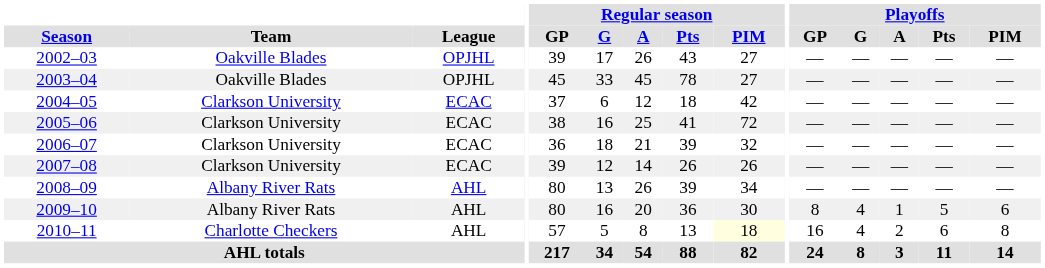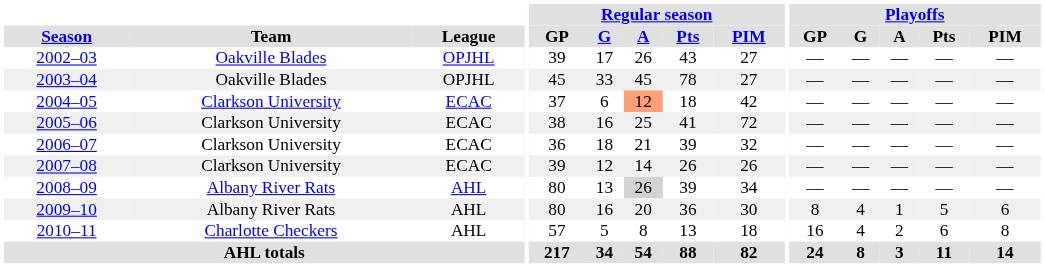 <table border="0" cellpadding="1" cellspacing="0" style="text-align:center; width:60em">
 <tr bgcolor="#e0e0e0">
 <th colspan="3"  bgcolor="#ffffff"></th>
 <th rowspan="99" bgcolor="#ffffff"></th>
 <th colspan="5"><a href='#'>Regular season</a></th>
 <th rowspan="99" bgcolor="#ffffff"></th>
 <th colspan="5"><a href='#'>Playoffs</a></th>
 </tr>
 <tr bgcolor="#e0e0e0">
 <th><a href='#'>Season</a></th>
 <th>Team</th>
 <th>League</th>
 <th>GP</th>
 <th><a href='#'>G</a></th>
 <th><a href='#'>A</a></th>
 <th><a href='#'>Pts</a></th>
 <th><a href='#'>PIM</a></th>
 <th>GP</th>
 <th>G</th>
 <th>A</th>
 <th>Pts</th>
 <th>PIM</th>
 </tr>
 <tr>
 <td><a href='#'>2002–03</a></td>
 <td><a href='#'>Oakville Blades</a></td>
 <td><a href='#'>OPJHL</a></td>
 <td>39</td>
 <td>17</td>
 <td>26</td>
 <td>43</td>
 <td>27</td>
 <td>—</td>
 <td>—</td>
 <td>—</td>
 <td>—</td>
 <td>—</td>
 </tr>
 <tr bgcolor="#f0f0f0">
 <td><a href='#'>2003–04</a></td>
 <td>Oakville Blades</td>
 <td>OPJHL</td>
 <td>45</td>
 <td>33</td>
 <td>45</td>
 <td>78</td>
 <td>27</td>
 <td>—</td>
 <td>—</td>
 <td>—</td>
 <td>—</td>
 <td>—</td>
 </tr>
 <tr>
 <td><a href='#'>2004–05</a></td>
 <td><a href='#'>Clarkson University</a></td>
 <td><a href='#'>ECAC</a></td>
 <td>37</td>
 <td>6</td>
-<td>12</td>
+<td style="background: lightsalmon;">12</td>
 <td>18</td>
 <td>42</td>
 <td>—</td>
 <td>—</td>
 <td>—</td>
 <td>—</td>
 <td>—</td>
 </tr>
 <tr bgcolor="#f0f0f0">
 <td><a href='#'>2005–06</a></td>
 <td>Clarkson University</td>
 <td>ECAC</td>
 <td>38</td>
 <td>16</td>
 <td>25</td>
 <td>41</td>
 <td>72</td>
 <td>—</td>
 <td>—</td>
 <td>—</td>
 <td>—</td>
 <td>—</td>
 </tr>
 <tr>
 <td><a href='#'>2006–07</a></td>
 <td>Clarkson University</td>
 <td>ECAC</td>
 <td>36</td>
 <td>18</td>
 <td>21</td>
 <td>39</td>
 <td>32</td>
 <td>—</td>
 <td>—</td>
 <td>—</td>
 <td>—</td>
 <td>—</td>
 </tr>
 <tr bgcolor="#f0f0f0">
 <td><a href='#'>2007–08</a></td>
 <td>Clarkson University</td>
 <td>ECAC</td>
 <td>39</td>
 <td>12</td>
 <td>14</td>
 <td>26</td>
 <td>26</td>
 <td>—</td>
 <td>—</td>
 <td>—</td>
 <td>—</td>
 <td>—</td>
 </tr>
 <tr>
 <td><a href='#'>2008–09</a></td>
 <td><a href='#'>Albany River Rats</a></td>
 <td><a href='#'>AHL</a></td>
 <td>80</td>
 <td>13</td>
-<td>26</td>
+<td style="background: lightgrey;">26</td>
 <td>39</td>
 <td>34</td>
 <td>—</td>
 <td>—</td>
 <td>—</td>
 <td>—</td>
 <td>—</td>
 </tr>
 <tr bgcolor="#f0f0f0">
 <td><a href='#'>2009–10</a></td>
 <td>Albany River Rats</td>
 <td>AHL</td>
 <td>80</td>
 <td>16</td>
 <td>20</td>
 <td>36</td>
 <td>30</td>
 <td>8</td>
 <td>4</td>
 <td>1</td>
 <td>5</td>
 <td>6</td>
 </tr>
 <tr>
 <td><a href='#'>2010–11</a></td>
 <td><a href='#'>Charlotte Checkers</a></td>
 <td>AHL</td>
 <td>57</td>
 <td>5</td>
 <td>8</td>
 <td>13</td>
-<td style="background: lightyellow;">18</td>
+<td>18</td>
 <td>16</td>
 <td>4</td>
 <td>2</td>
 <td>6</td>
 <td>8</td>
 </tr>
 <tr bgcolor="#e0e0e0">
 <th colspan="3">AHL totals</th>
 <th>217</th>
 <th>34</th>
 <th>54</th>
 <th>88</th>
 <th>82</th>
 <th>24</th>
 <th>8</th>
 <th>3</th>
 <th>11</th>
 <th>14</th>
 </tr>
 </table>
